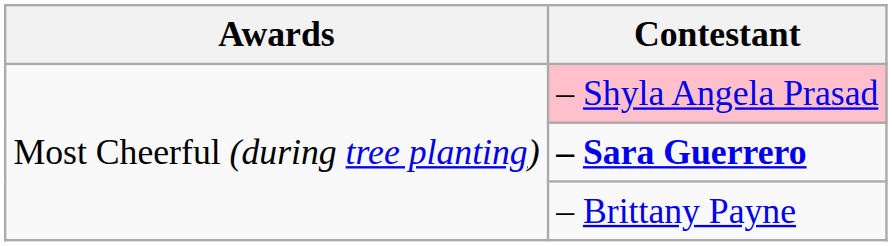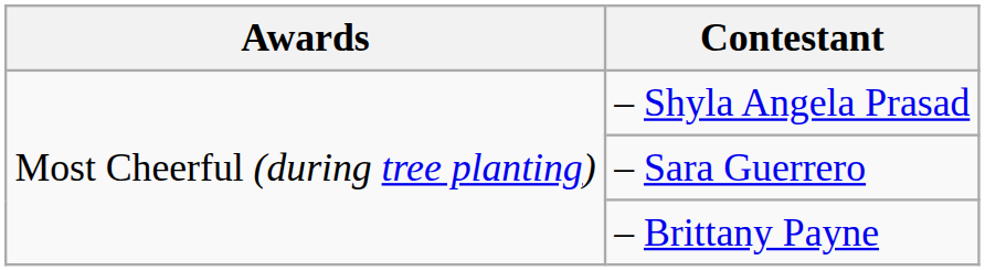 <table class="wikitable sortable" style="font-size:95%;">
 <tr>
 <th>Awards</th>
 <th>Contestant</th>
 </tr>
 <tr>
 <td rowspan=3>Most Cheerful <em>(during <a href='#'>tree planting</a>)</em></td>
-<td style="background: pink;"> – <a href='#'>Shyla Angela Prasad</a></td>
+<td> – <a href='#'>Shyla Angela Prasad</a></td>
 </tr>
 <tr>
-<td><strong> – <a href='#'>Sara Guerrero</a></strong></td>
+<td> – <a href='#'>Sara Guerrero</a></td>
 </tr>
 <tr>
 <td> – <a href='#'>Brittany Payne</a></td>
 </tr>
 </table>
